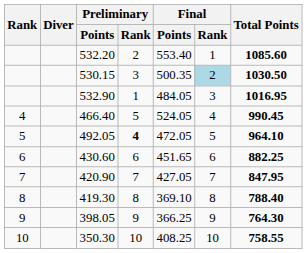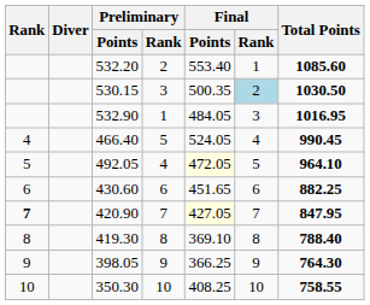 <table class="wikitable sortable" style="text-align:center">
 <tr>
 <th rowspan=2>Rank</th>
 <th rowspan=2>Diver</th>
 <th colspan=2>Preliminary</th>
 <th colspan=2>Final</th>
 <th rowspan=2>Total Points</th>
 </tr>
 <tr>
 <th>Points</th>
 <th>Rank</th>
 <th>Points</th>
 <th>Rank</th>
 </tr>
 <tr>
 <td></td>
 <td align=left></td>
 <td>532.20</td>
 <td>2</td>
 <td>553.40</td>
 <td>1</td>
 <td><strong>1085.60</strong></td>
 </tr>
 <tr>
 <td></td>
 <td align=left></td>
 <td>530.15</td>
 <td>3</td>
 <td>500.35</td>
 <td style="background: lightblue;">2</td>
 <td><strong>1030.50</strong></td>
 </tr>
 <tr>
 <td></td>
 <td align=left></td>
 <td>532.90</td>
 <td>1</td>
 <td>484.05</td>
 <td>3</td>
 <td><strong>1016.95</strong></td>
 </tr>
 <tr>
 <td>4</td>
 <td align=left></td>
 <td>466.40</td>
 <td>5</td>
 <td>524.05</td>
 <td>4</td>
 <td><strong>990.45</strong></td>
 </tr>
 <tr>
 <td>5</td>
 <td align=left></td>
 <td>492.05</td>
-<td><strong>4</strong></td>
-<td>472.05</td>
+<td>4</td>
+<td style="background: lightyellow;">472.05</td>
 <td>5</td>
 <td><strong>964.10</strong></td>
 </tr>
 <tr>
 <td>6</td>
 <td align=left></td>
 <td>430.60</td>
 <td>6</td>
 <td>451.65</td>
 <td>6</td>
 <td><strong>882.25</strong></td>
 </tr>
 <tr>
-<td>7</td>
+<td><strong>7</strong></td>
 <td align=left></td>
 <td>420.90</td>
 <td>7</td>
-<td>427.05</td>
+<td style="background: lightyellow;">427.05</td>
 <td>7</td>
 <td><strong>847.95</strong></td>
 </tr>
 <tr>
 <td>8</td>
 <td align=left></td>
 <td>419.30</td>
 <td>8</td>
 <td>369.10</td>
 <td>8</td>
 <td><strong>788.40</strong></td>
 </tr>
 <tr>
 <td>9</td>
 <td align=left></td>
 <td>398.05</td>
 <td>9</td>
 <td>366.25</td>
 <td>9</td>
 <td><strong>764.30</strong></td>
 </tr>
 <tr>
 <td>10</td>
 <td align=left></td>
 <td>350.30</td>
 <td>10</td>
 <td>408.25</td>
 <td>10</td>
 <td><strong>758.55</strong></td>
 </tr>
 </table>
